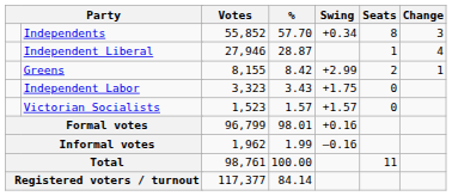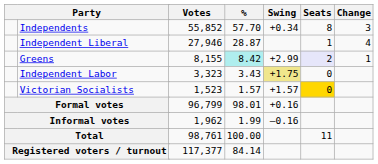 <table class="wikitable" style="text-align:right; margin-bottom:0">
 <tr>
 <th colspan="3" style="width:10px">Party</th>
 <th style="width:70px;">Votes</th>
 <th style="width:40px;">%</th>
 <th style="width:40px;">Swing</th>
 <th style="width:40px;">Seats</th>
 <th style="width:40px;">Change</th>
 </tr>
 <tr>
 <td> </td>
 <td colspan="2" style="text-align:left;"><a href='#'>Independents</a></td>
 <td style="width:70px;">55,852</td>
 <td style="width:40px;">57.70</td>
 <td style="width:45px;">+0.34</td>
 <td style="width:40px;">8</td>
 <td style="width:40px;">3</td>
 </tr>
 <tr>
 <td> </td>
 <td colspan="2" style="text-align:left;"><a href='#'>Independent Liberal</a></td>
 <td>27,946</td>
 <td>28.87</td>
 <td></td>
 <td>1</td>
 <td> 4</td>
 </tr>
 <tr>
 <td> </td>
 <td colspan="2" style="text-align:left;"><a href='#'>Greens</a></td>
 <td>8,155</td>
-<td>8.42</td>
+<td style="background: paleturquoise;">8.42</td>
 <td>+2.99</td>
-<td>2</td>
+<td style="background: lavender;">2</td>
 <td> 1</td>
 </tr>
 <tr>
 <td> </td>
 <td colspan="2" style="text-align:left;"><a href='#'>Independent Labor</a></td>
 <td>3,323</td>
 <td>3.43</td>
-<td>+1.75</td>
+<td style="background: khaki;">+1.75</td>
 <td>0</td>
 <td></td>
 </tr>
 <tr>
 <td> </td>
 <td colspan="2" style="text-align:left;"><a href='#'>Victorian Socialists</a></td>
 <td>1,523</td>
 <td>1.57</td>
 <td>+1.57</td>
-<td>0</td>
+<td style="background: gold;">0</td>
 <td></td>
 </tr>
 <tr>
 <th colspan="3" rowspan="1"> Formal votes</th>
 <td>96,799</td>
 <td>98.01</td>
 <td>+0.16</td>
 <td></td>
 <td></td>
 </tr>
 <tr>
 <th colspan="3" rowspan="1"> Informal votes</th>
 <td>1,962</td>
 <td>1.99</td>
 <td>–0.16</td>
 <td></td>
 <td></td>
 </tr>
 <tr>
 <th colspan="3" rowspan="1"> Total</th>
 <td>98,761</td>
 <td>100.00</td>
 <td></td>
 <td>11</td>
 <td></td>
 </tr>
 <tr>
 <th colspan="3" rowspan="1"> Registered voters / turnout</th>
 <td>117,377</td>
 <td>84.14</td>
 <td></td>
 <td></td>
 <td></td>
 </tr>
 </table>
